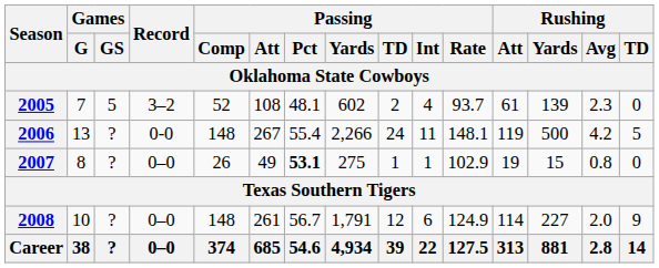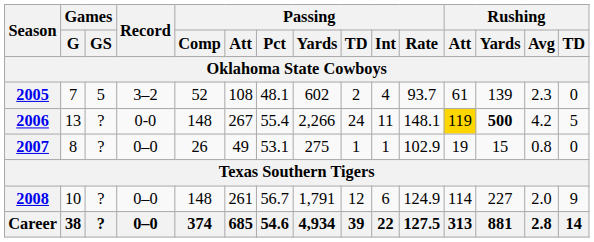 <table class="wikitable" style="text-align:center;">
 <tr>
 <th rowspan="2">Season</th>
 <th colspan="2">Games</th>
 <th rowspan="2">Record</th>
 <th colspan="7">Passing</th>
 <th colspan="4">Rushing</th>
 </tr>
 <tr>
 <th>G</th>
 <th>GS</th>
 <th>Comp</th>
 <th>Att</th>
 <th>Pct</th>
 <th>Yards</th>
 <th>TD</th>
 <th>Int</th>
 <th>Rate</th>
 <th>Att</th>
 <th>Yards</th>
 <th>Avg</th>
 <th>TD</th>
 </tr>
 <tr>
 <th colspan="15">Oklahoma State Cowboys</th>
 </tr>
 <tr>
 <th><a href='#'>2005</a></th>
 <td>7</td>
 <td>5</td>
 <td>3–2</td>
 <td>52</td>
 <td>108</td>
 <td>48.1</td>
 <td>602</td>
 <td>2</td>
 <td>4</td>
 <td>93.7</td>
 <td>61</td>
 <td>139</td>
 <td>2.3</td>
 <td>0</td>
 </tr>
 <tr>
 <th><a href='#'>2006</a></th>
 <td>13</td>
 <td>?</td>
 <td>0-0</td>
 <td>148</td>
 <td>267</td>
 <td>55.4</td>
 <td>2,266</td>
 <td>24</td>
 <td>11</td>
 <td>148.1</td>
-<td>119</td>
-<td>500</td>
+<td style="background: gold;">119</td>
+<td><strong>500</strong></td>
 <td>4.2</td>
 <td>5</td>
 </tr>
 <tr>
 <th><a href='#'>2007</a></th>
 <td>8</td>
 <td>?</td>
 <td>0–0</td>
 <td>26</td>
 <td>49</td>
-<td><strong>53.1</strong></td>
+<td>53.1</td>
 <td>275</td>
 <td>1</td>
 <td>1</td>
 <td>102.9</td>
 <td>19</td>
 <td>15</td>
 <td>0.8</td>
 <td>0</td>
 </tr>
 <tr>
 <th colspan="15">Texas Southern Tigers</th>
 </tr>
 <tr>
 <th><a href='#'>2008</a></th>
 <td>10</td>
 <td>?</td>
 <td>0–0</td>
 <td>148</td>
 <td>261</td>
 <td>56.7</td>
 <td>1,791</td>
 <td>12</td>
 <td>6</td>
 <td>124.9</td>
 <td>114</td>
 <td>227</td>
 <td>2.0</td>
 <td>9</td>
 </tr>
 <tr>
 <th>Career</th>
 <th>38</th>
 <th>?</th>
 <th>0–0</th>
 <th>374</th>
 <th>685</th>
 <th>54.6</th>
 <th>4,934</th>
 <th>39</th>
 <th>22</th>
 <th>127.5</th>
 <th>313</th>
 <th>881</th>
 <th>2.8</th>
 <th>14</th>
 </tr>
 </table>
